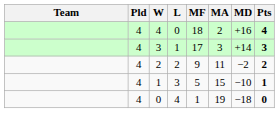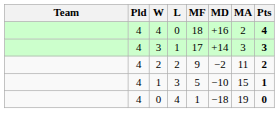 <table class=wikitable style="text-align:center">
 <tr>
 <th width=175>Team</th>
 <th width=20>Pld</th>
 <th width=20>W</th>
 <th width=20>L</th>
 <th width=20>MF</th>
+<th width=20>MD</th>
 <th width=20>MA</th>
-<th width=20>MD</th>
 <th width=20>Pts</th>
 </tr>
 <tr bgcolor=ccffcc>
 <td align=left></td>
 <td>4</td>
 <td>4</td>
 <td>0</td>
 <td>18</td>
+<td>+16</td>
 <td>2</td>
-<td>+16</td>
 <td><strong>4</strong></td>
 </tr>
 <tr bgcolor=ccffcc>
 <td align=left></td>
 <td>4</td>
 <td>3</td>
 <td>1</td>
 <td>17</td>
+<td>+14</td>
 <td>3</td>
-<td>+14</td>
 <td><strong>3</strong></td>
 </tr>
 <tr>
 <td align=left></td>
 <td>4</td>
 <td>2</td>
 <td>2</td>
 <td>9</td>
+<td>−2</td>
 <td>11</td>
-<td>−2</td>
 <td><strong>2</strong></td>
 </tr>
 <tr>
 <td align=left></td>
 <td>4</td>
 <td>1</td>
 <td>3</td>
 <td>5</td>
+<td>−10</td>
 <td>15</td>
-<td>−10</td>
 <td><strong>1</strong></td>
 </tr>
 <tr>
 <td align=left></td>
 <td>4</td>
 <td>0</td>
 <td>4</td>
 <td>1</td>
+<td>−18</td>
 <td>19</td>
-<td>−18</td>
 <td><strong>0</strong></td>
 </tr>
 </table>
